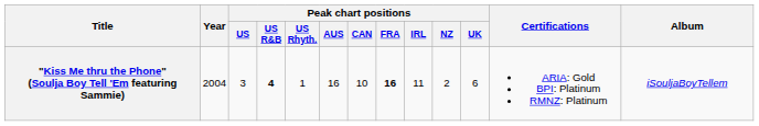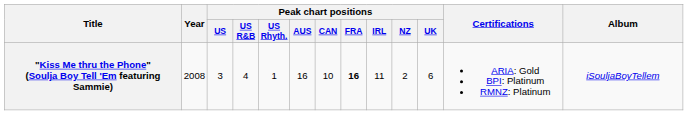 <table class="wikitable plainrowheaders" style="text-align:center;">
 <tr>
 <th scope="col" rowspan="2" style="width:18em;">Title</th>
 <th scope="col" rowspan="2" style="width:1em;">Year</th>
 <th scope="col" colspan="9">Peak chart positions</th>
 <th scope="col" rowspan="2" style="width:12em;"><a href='#'>Certifications</a></th>
 <th scope="col" rowspan="2" style="width:12em;">Album</th>
 </tr>
 <tr>
 <th scope="col" style="width:2.5em;font-size:90%;"><a href='#'>US</a><br></th>
 <th scope="col" style="width:2.5em;font-size:90%;"><a href='#'>US<br>R&B</a><br></th>
 <th scope="col" style="width:2.5em;font-size:90%;"><a href='#'>US<br>Rhyth.</a><br></th>
 <th scope="col" style="width:2.5em;font-size:90%;"><a href='#'>AUS</a><br></th>
 <th scope="col" style="width:2.5em;font-size:90%;"><a href='#'>CAN</a><br></th>
 <th scope="col" style="width:2.5em;font-size:90%;"><a href='#'>FRA</a><br></th>
 <th scope="col" style="width:2.5em;font-size:90%;"><a href='#'>IRL</a><br></th>
 <th scope="col" style="width:2.5em;font-size:90%;"><a href='#'>NZ</a><br></th>
 <th scope="col" style="width:2.5em;font-size:90%;"><a href='#'>UK</a><br></th>
 </tr>
 <tr>
 <th scope="row">"<a href='#'>Kiss Me thru the Phone</a>"<br><span>(<a href='#'>Soulja Boy Tell 'Em</a> featuring Sammie)</span></th>
-<td>2004</td>
+<td>2008</td>
 <td>3</td>
-<td><strong>4</strong></td>
+<td>4</td>
 <td>1</td>
 <td>16</td>
 <td>10</td>
 <td><strong>16</strong></td>
 <td>11</td>
 <td>2</td>
 <td>6</td>
 <td><br><ul><li><a href='#'>ARIA</a>: Gold</li><li><a href='#'>BPI</a>: Platinum</li><li><a href='#'>RMNZ</a>: Platinum</li></ul></td>
 <td><em><a href='#'>iSouljaBoyTellem</a></em></td>
 </tr>
 </table>
